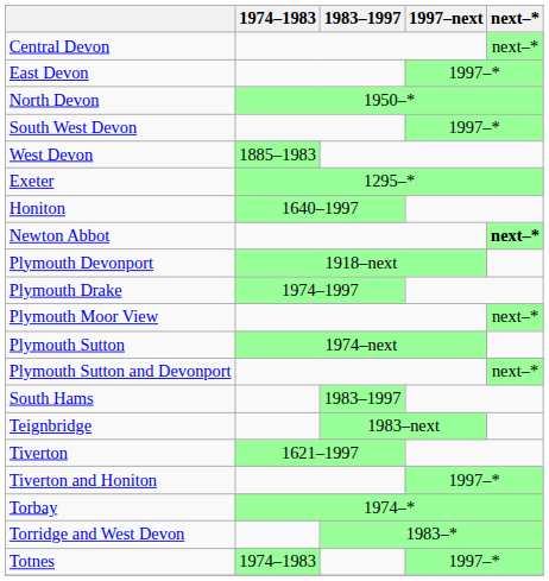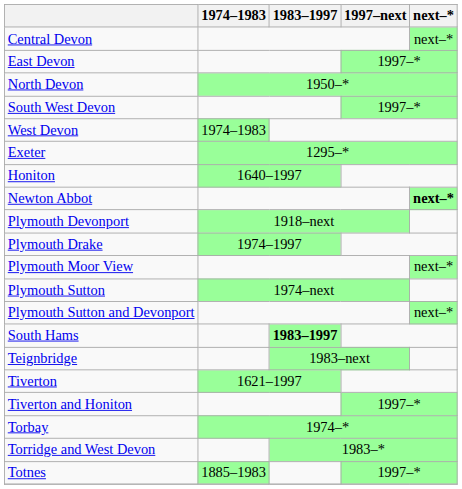 <table class="wikitable">
 <tr>
 <th> </th>
 <th>1974–1983</th>
 <th>1983–1997</th>
 <th>1997–next</th>
 <th>next–*</th>
 </tr>
 <tr>
 <td><a href='#'>Central Devon</a></td>
 <td colspan="3"> </td>
 <td colspan="1" align="center" bgcolor="#99FF99">next–*</td>
 </tr>
 <tr>
 <td><a href='#'>East Devon</a></td>
 <td colspan="2"> </td>
 <td colspan="2" align="center" bgcolor="#99FF99">1997–*</td>
 </tr>
 <tr>
 <td><a href='#'>North Devon</a></td>
 <td colspan="4" align="center" bgcolor="#99FF99">1950–*</td>
 </tr>
 <tr>
 <td><a href='#'>South West Devon</a></td>
 <td colspan="2"> </td>
 <td colspan="2" align="center" bgcolor="#99FF99">1997–*</td>
 </tr>
 <tr>
 <td><a href='#'>West Devon</a></td>
-<td colspan="1" align="center" bgcolor="#99FF99">1885–1983</td>
+<td colspan="1" align="center" bgcolor="#99FF99">1974–1983</td>
 <td colspan="3"> </td>
 </tr>
 <tr>
 <td><a href='#'>Exeter</a></td>
 <td colspan="4" align="center" bgcolor="#99FF99">1295–*</td>
 </tr>
 <tr>
 <td><a href='#'>Honiton</a></td>
 <td colspan="2" align="center" bgcolor="#99FF99">1640–1997</td>
 <td colspan="2"> </td>
 </tr>
 <tr>
 <td><a href='#'>Newton Abbot</a></td>
 <td colspan="3"> </td>
 <td colspan="1" align="center" bgcolor="#99FF99"><strong>next–*</strong></td>
 </tr>
 <tr>
 <td><a href='#'>Plymouth Devonport</a></td>
 <td colspan="3" align="center" bgcolor="#99FF99">1918–next</td>
 <td colspan="1"> </td>
 </tr>
 <tr>
 <td><a href='#'>Plymouth Drake</a></td>
 <td colspan="2" align="center" bgcolor="#99FF99">1974–1997</td>
 <td colspan="2"> </td>
 </tr>
 <tr>
 <td><a href='#'>Plymouth Moor View</a></td>
 <td colspan="3"> </td>
 <td colspan="1" align="center" bgcolor="#99FF99">next–*</td>
 </tr>
 <tr>
 <td><a href='#'>Plymouth Sutton</a></td>
 <td colspan="3" align="center" bgcolor="#99FF99">1974–next</td>
 <td colspan="1"> </td>
 </tr>
 <tr>
 <td><a href='#'>Plymouth Sutton and Devonport</a></td>
 <td colspan="3"> </td>
 <td colspan="1" align="center" bgcolor="#99FF99">next–*</td>
 </tr>
 <tr>
 <td><a href='#'>South Hams</a></td>
 <td colspan="1"> </td>
-<td colspan="1" align="center" bgcolor="#99FF99">1983–1997</td>
+<td colspan="1" align="center" bgcolor="#99FF99"><strong>1983–1997</strong></td>
 <td colspan="2"> </td>
 </tr>
 <tr>
 <td><a href='#'>Teignbridge</a></td>
 <td colspan="1"> </td>
 <td colspan="2" align="center" bgcolor="#99FF99">1983–next</td>
 <td colspan="1"> </td>
 </tr>
 <tr>
 <td><a href='#'>Tiverton</a></td>
 <td colspan="2" align="center" bgcolor="#99FF99">1621–1997</td>
 <td colspan="2"> </td>
 </tr>
 <tr>
 <td><a href='#'>Tiverton and Honiton</a></td>
 <td colspan="2"> </td>
 <td colspan="2" align="center" bgcolor="#99FF99">1997–*</td>
 </tr>
 <tr>
 <td><a href='#'>Torbay</a></td>
 <td colspan="4" align="center" bgcolor="#99FF99">1974–*</td>
 </tr>
 <tr>
 <td><a href='#'>Torridge and West Devon</a></td>
 <td colspan="1"> </td>
 <td colspan="3" align="center" bgcolor="#99FF99">1983–*</td>
 </tr>
 <tr>
 <td><a href='#'>Totnes</a></td>
-<td colspan="1" align="center" bgcolor="#99FF99">1974–1983</td>
+<td colspan="1" align="center" bgcolor="#99FF99">1885–1983</td>
 <td colspan="1"> </td>
 <td colspan="2" align="center" bgcolor="#99FF99">1997–*</td>
 </tr>
 <tr>
 </tr>
 </table>
